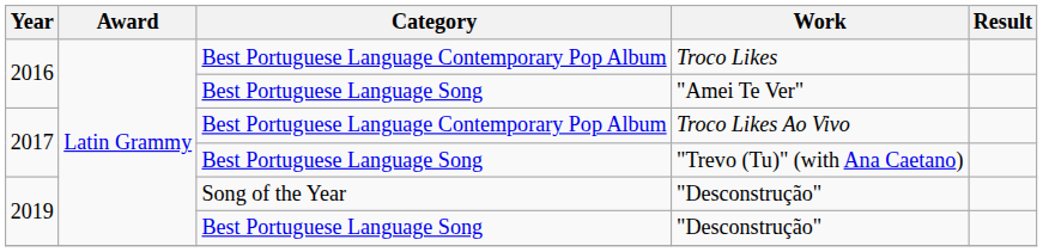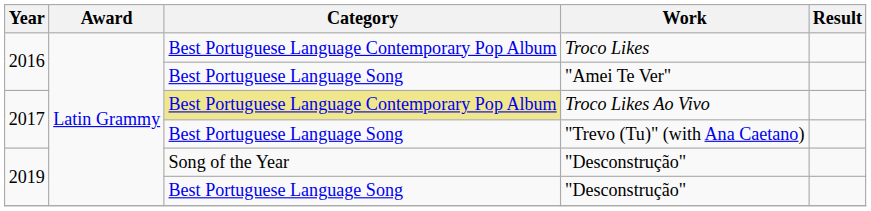 <table class="wikitable">
 <tr>
 <th>Year</th>
 <th>Award</th>
 <th>Category</th>
 <th>Work</th>
 <th>Result</th>
 </tr>
 <tr>
 <td rowspan="2">2016</td>
 <td rowspan="6"><a href='#'>Latin Grammy</a></td>
 <td><a href='#'>Best Portuguese Language Contemporary Pop Album</a></td>
 <td><em>Troco Likes</em></td>
 <td></td>
 </tr>
 <tr>
 <td><a href='#'>Best Portuguese Language Song</a></td>
 <td>"Amei Te Ver"</td>
 <td></td>
 </tr>
 <tr>
 <td rowspan="2">2017</td>
-<td><a href='#'>Best Portuguese Language Contemporary Pop Album</a></td>
+<td style="background: khaki;"><a href='#'>Best Portuguese Language Contemporary Pop Album</a></td>
 <td><em>Troco Likes Ao Vivo</em></td>
 <td></td>
 </tr>
 <tr>
 <td><a href='#'>Best Portuguese Language Song</a></td>
 <td>"Trevo (Tu)" (with <a href='#'>Ana Caetano</a>)</td>
 <td></td>
 </tr>
 <tr>
 <td rowspan="2">2019</td>
 <td>Song of the Year</td>
 <td>"Desconstrução"</td>
 <td></td>
 </tr>
 <tr>
 <td><a href='#'>Best Portuguese Language Song</a></td>
 <td>"Desconstrução"</td>
 <td></td>
 </tr>
 <tr>
 </tr>
 </table>
